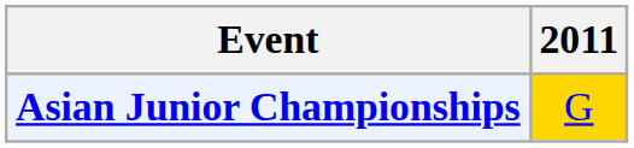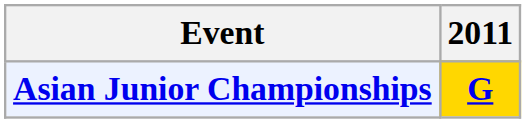 <table style='font-size: 90%; text-align:center;' class='wikitable'>
 <tr>
 <th>Event</th>
 <th>2011</th>
 </tr>
 <tr>
 <td bgcolor="#ECF2FF"; align="left"><strong><a href='#'>Asian Junior Championships</a></strong></td>
-<td bgcolor=gold><a href='#'>G</a></td>
+<td bgcolor=gold><strong><a href='#'>G</a></strong></td>
 </tr>
 </table>
